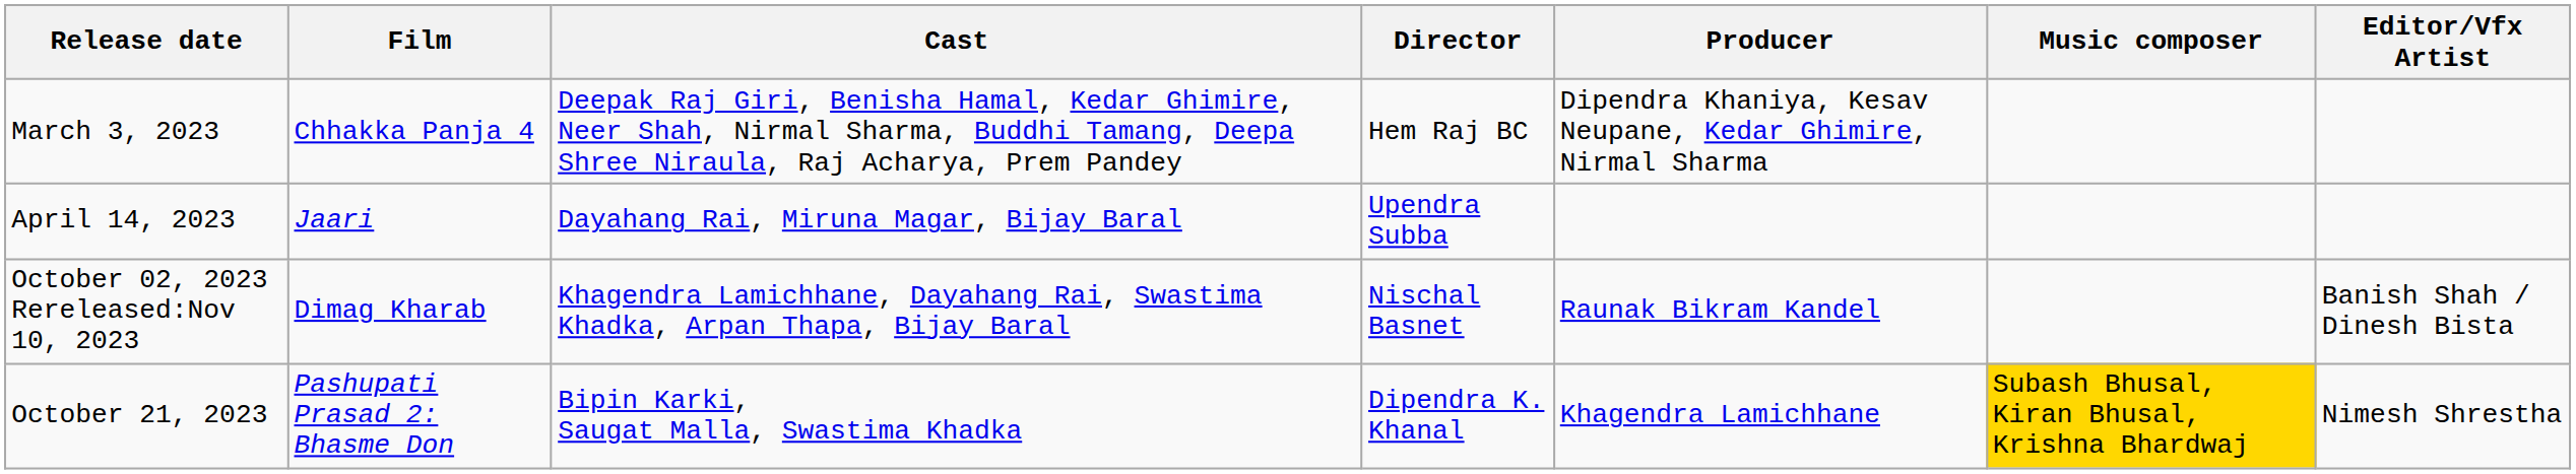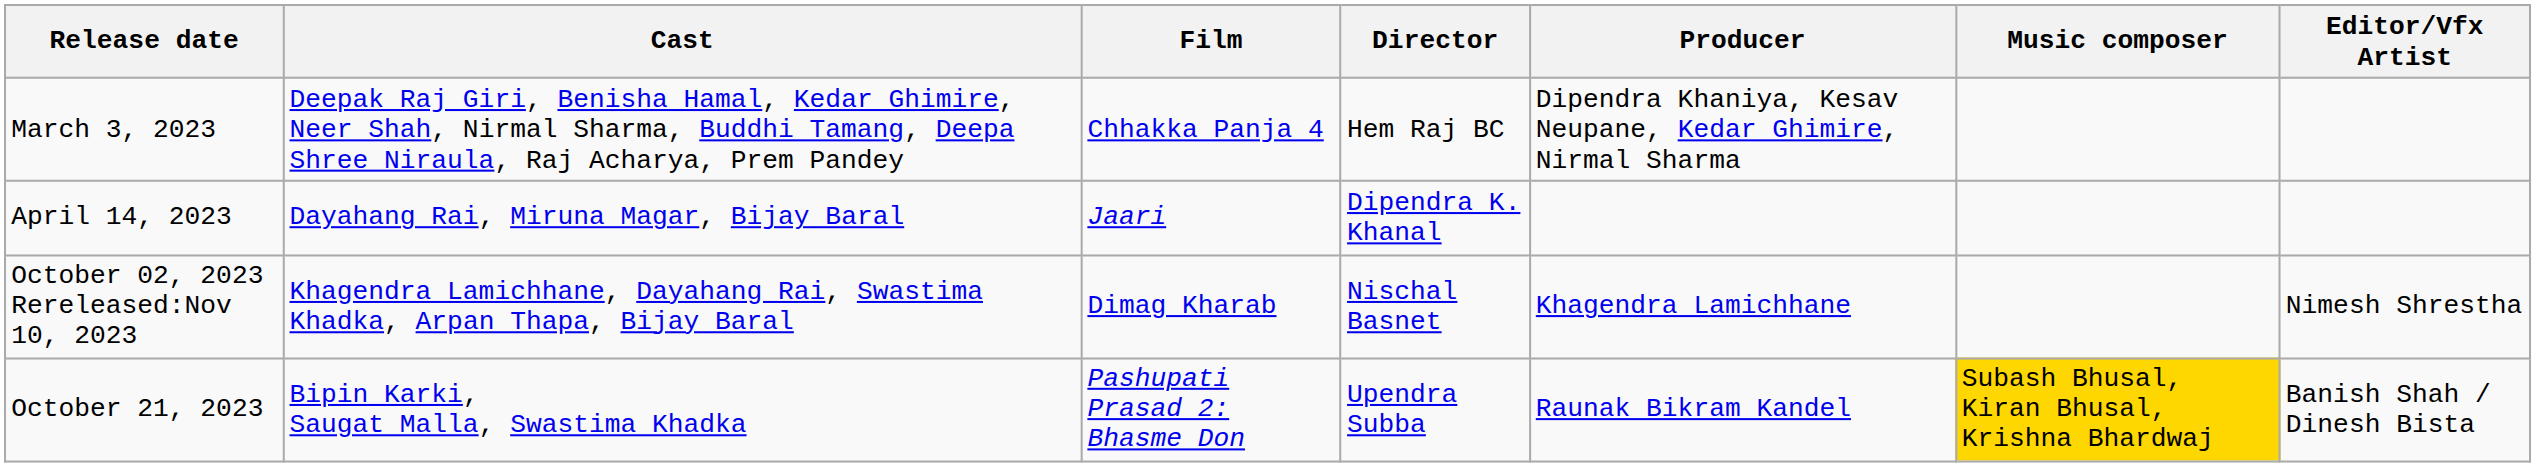 <table class="wikitable sortable">
 <tr>
 <th>Release date</th>
+<th>Cast</th>
 <th>Film</th>
-<th>Cast</th>
 <th>Director</th>
 <th>Producer</th>
 <th>Music composer</th>
 <th>Editor/Vfx Artist</th>
 </tr>
 <tr>
 <td>March 3, 2023</td>
+<td><a href='#'>Deepak Raj Giri</a>, <a href='#'>Benisha Hamal</a>, <a href='#'>Kedar Ghimire</a>, <a href='#'>Neer Shah</a>, Nirmal Sharma, <a href='#'>Buddhi Tamang</a>, <a href='#'>Deepa Shree Niraula</a>, Raj Acharya, Prem Pandey</td>
 <td><a href='#'>Chhakka Panja 4</a></td>
-<td><a href='#'>Deepak Raj Giri</a>, <a href='#'>Benisha Hamal</a>, <a href='#'>Kedar Ghimire</a>, <a href='#'>Neer Shah</a>, Nirmal Sharma, <a href='#'>Buddhi Tamang</a>, <a href='#'>Deepa Shree Niraula</a>, Raj Acharya, Prem Pandey</td>
 <td>Hem Raj BC</td>
 <td>Dipendra Khaniya, Kesav Neupane, <a href='#'>Kedar Ghimire</a>, Nirmal Sharma</td>
 <td></td>
 <td></td>
 </tr>
 <tr>
 <td>April 14, 2023</td>
+<td><a href='#'>Dayahang Rai</a>, <a href='#'>Miruna Magar</a>, <a href='#'>Bijay Baral</a></td>
 <td><em><a href='#'>Jaari</a></em></td>
-<td><a href='#'>Dayahang Rai</a>, <a href='#'>Miruna Magar</a>, <a href='#'>Bijay Baral</a></td>
-<td><a href='#'>Upendra Subba</a></td>
+<td><a href='#'>Dipendra K. Khanal</a></td>
 <td></td>
 <td></td>
 <td></td>
 </tr>
 <tr>
 <td>October 02, 2023 <br> Rereleased:Nov 10, 2023</td>
+<td><a href='#'>Khagendra Lamichhane</a>, <a href='#'>Dayahang Rai</a>, <a href='#'>Swastima Khadka</a>, <a href='#'>Arpan Thapa</a>, <a href='#'>Bijay Baral</a></td>
 <td><a href='#'>Dimag Kharab</a></td>
-<td><a href='#'>Khagendra Lamichhane</a>, <a href='#'>Dayahang Rai</a>, <a href='#'>Swastima Khadka</a>, <a href='#'>Arpan Thapa</a>, <a href='#'>Bijay Baral</a></td>
 <td><a href='#'>Nischal Basnet</a></td>
-<td><a href='#'>Raunak Bikram Kandel</a></td>
+<td><a href='#'>Khagendra Lamichhane</a></td>
 <td></td>
-<td>Banish Shah / Dinesh Bista</td>
+<td>Nimesh Shrestha</td>
 </tr>
 <tr>
 <td>October 21, 2023</td>
+<td><a href='#'>Bipin Karki</a>,<br><a href='#'>Saugat Malla</a>, <a href='#'>Swastima Khadka</a></td>
 <td><em><a href='#'>Pashupati Prasad 2: Bhasme Don</a></em></td>
-<td><a href='#'>Bipin Karki</a>,<br><a href='#'>Saugat Malla</a>, <a href='#'>Swastima Khadka</a></td>
-<td><a href='#'>Dipendra K. Khanal</a></td>
-<td><a href='#'>Khagendra Lamichhane</a></td>
+<td><a href='#'>Upendra Subba</a></td>
+<td><a href='#'>Raunak Bikram Kandel</a></td>
 <td style="background: gold;">Subash Bhusal, Kiran Bhusal, Krishna Bhardwaj</td>
-<td>Nimesh Shrestha</td>
+<td>Banish Shah / Dinesh Bista</td>
 </tr>
 </table>
